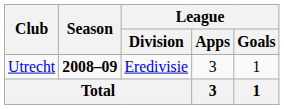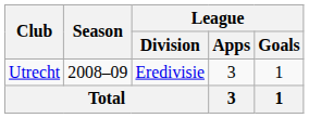 <table class="wikitable" style="text-align: center">
 <tr>
 <th rowspan="2">Club</th>
 <th rowspan="2">Season</th>
 <th colspan="3">League</th>
 </tr>
 <tr>
 <th>Division</th>
 <th>Apps</th>
 <th>Goals</th>
 </tr>
 <tr>
 <td><a href='#'>Utrecht</a></td>
-<td><strong>2008–09</strong></td>
+<td>2008–09</td>
 <td><a href='#'>Eredivisie</a></td>
 <td>3</td>
 <td>1</td>
 </tr>
 <tr>
 <th colspan="3">Total</th>
 <th>3</th>
 <th>1</th>
 </tr>
 </table>
